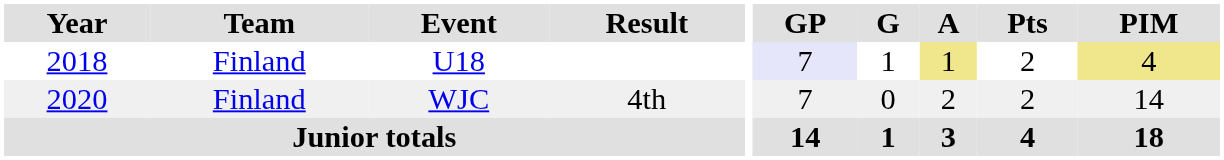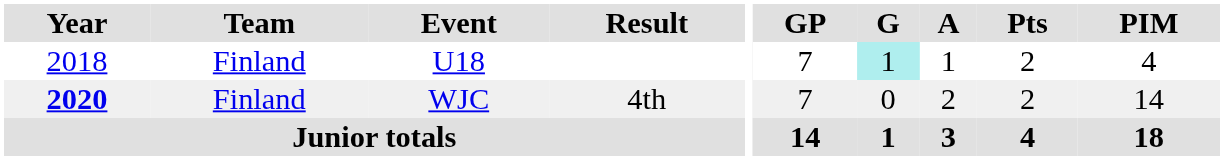 <table border="0" cellpadding="1" cellspacing="0" ID="Table3" style="text-align:center; width:40em">
 <tr ALIGN="center" bgcolor="#e0e0e0">
 <th>Year</th>
 <th>Team</th>
 <th>Event</th>
 <th>Result</th>
 <th rowspan="99" bgcolor="#ffffff"></th>
 <th>GP</th>
 <th>G</th>
 <th>A</th>
 <th>Pts</th>
 <th>PIM</th>
 </tr>
 <tr>
 <td><a href='#'>2018</a></td>
 <td><a href='#'>Finland</a></td>
 <td><a href='#'>U18</a></td>
 <td></td>
-<td style="background: lavender;">7</td>
+<td>7</td>
+<td style="background: paleturquoise;">1</td>
 <td>1</td>
-<td style="background: khaki;">1</td>
 <td>2</td>
-<td style="background: khaki;">4</td>
+<td>4</td>
 </tr>
 <tr bgcolor="#f0f0f0">
-<td><a href='#'>2020</a></td>
+<td><strong><a href='#'>2020</a></strong></td>
 <td><a href='#'>Finland</a></td>
 <td><a href='#'>WJC</a></td>
 <td>4th</td>
 <td>7</td>
 <td>0</td>
 <td>2</td>
 <td>2</td>
 <td>14</td>
 </tr>
 <tr bgcolor="#e0e0e0">
 <th colspan="4">Junior totals</th>
 <th>14</th>
 <th>1</th>
 <th>3</th>
 <th>4</th>
 <th>18</th>
 </tr>
 </table>
